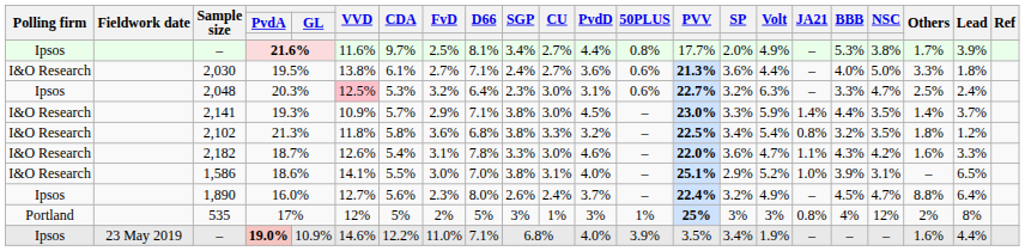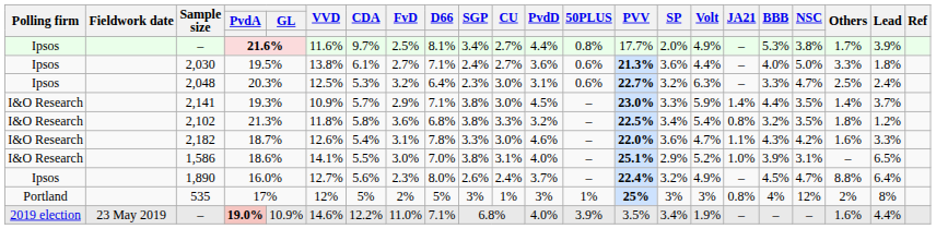 <table class="wikitable sortable mw-datatable" style="text-align:center;font-size:90%;line-height:14px;">
 <tr>
 <th rowspan="3">Polling firm</th>
 <th class="unsortable" rowspan="3">Fieldwork date</th>
 <th class="unsortable" rowspan="3">Sample<br>size</th>
 <th class="unsortable" colspan="2"></th>
 <th rowspan="2"class="unsortable"><a href='#'>VVD</a><br></th>
 <th rowspan="2" class="unsortable"><a href='#'>CDA</a><br></th>
 <th rowspan="2" class="unsortable"><a href='#'>FvD</a><br></th>
 <th rowspan="2" class="unsortable"><a href='#'>D66</a><br></th>
 <th rowspan="2" class="unsortable"><a href='#'>SGP</a><br></th>
 <th rowspan="2" class="unsortable"><a href='#'>CU</a><br></th>
 <th rowspan="2" class="unsortable"><a href='#'>PvdD</a><br></th>
 <th rowspan="2" class="unsortable"><a href='#'><span>50PLUS</span></a><br></th>
 <th rowspan="2" class="unsortable"><a href='#'>PVV</a><br></th>
 <th rowspan="2" class="unsortable"><a href='#'>SP</a><br></th>
 <th rowspan="2" class="unsortable"><a href='#'>Volt</a><br></th>
 <th rowspan="2" class="unsortable"><a href='#'>JA21</a><br></th>
 <th rowspan="2" class="unsortable"><a href='#'>BBB</a><br></th>
 <th rowspan="2" class="unsortable"><a href='#'>NSC</a><br></th>
 <th class="unsortable" rowspan="3">Others</th>
 <th rowspan="3" class="unsortable">Lead</th>
 <th rowspan="3" class="unsortable">Ref</th>
 </tr>
 <tr>
 <th class="unsortable"><a href='#'>PvdA</a><br></th>
 <th class="unsortable"><a href='#'>GL</a><br></th>
 </tr>
 <tr>
 <th data-sort-type="number" style="background:"></th>
 <th data-sort-type="number" style="background:"></th>
 <th data-sort-type="number" style="background:"></th>
 <th data-sort-type="number" style="background:"></th>
 <th data-sort-type="number" style="background:"></th>
 <th data-sort-type="number" style="background:"></th>
 <th data-sort-type="number" style="background:"></th>
 <th data-sort-type="number" style="background:"></th>
 <th data-sort-type="number" style="background:"></th>
 <th data-sort-type="number" style="background:"></th>
 <th data-sort-type="number" style="background:"></th>
 <th data-sort-type="number" style="background:"></th>
 <th data-sort-type="number" style="background:"></th>
 <th data-sort-type="number" style="background:"></th>
 <th data-sort-type="number" style="background:"></th>
 <th data-sort-type="number" style="background:"></th>
 </tr>
 <tr style="background:#EAFFEA;">
 <td>Ipsos</td>
 <td></td>
 <td>–</td>
 <td colspan="2" style="background:#fbdbdc;"><strong>21.6%</strong></td>
 <td>11.6%</td>
 <td>9.7%</td>
 <td>2.5%</td>
 <td>8.1%</td>
 <td>3.4%</td>
 <td>2.7%</td>
 <td>4.4%</td>
 <td>0.8%</td>
 <td>17.7%</td>
 <td>2.0%</td>
 <td>4.9%</td>
 <td>–</td>
 <td>5.3%</td>
 <td>3.8%</td>
 <td>1.7%</td>
 <td style="background:">3.9%</td>
 <td></td>
 </tr>
 <tr>
-<td>I&O Research</td>
+<td>Ipsos</td>
 <td></td>
 <td>2,030</td>
 <td colspan="2">19.5%</td>
 <td>13.8%</td>
 <td>6.1%</td>
 <td>2.7%</td>
 <td>7.1%</td>
 <td>2.4%</td>
 <td>2.7%</td>
 <td>3.6%</td>
 <td>0.6%</td>
 <td style="background:#CDE2FE;"><strong>21.3%</strong></td>
 <td>3.6%</td>
 <td>4.4%</td>
 <td>–</td>
 <td>4.0%</td>
 <td>5.0%</td>
 <td>3.3%</td>
 <td style="background:">1.8%</td>
 <td></td>
 </tr>
 <tr>
 <td>Ipsos</td>
 <td></td>
 <td>2,048</td>
 <td colspan="2">20.3%</td>
-<td style="background: pink;">12.5%</td>
+<td>12.5%</td>
 <td>5.3%</td>
 <td>3.2%</td>
 <td>6.4%</td>
 <td>2.3%</td>
 <td>3.0%</td>
 <td>3.1%</td>
 <td>0.6%</td>
 <td style="background:#CDE2FE;"><strong>22.7%</strong></td>
 <td>3.2%</td>
 <td>6.3%</td>
 <td>–</td>
 <td>3.3%</td>
 <td>4.7%</td>
 <td>2.5%</td>
 <td style="background:">2.4%</td>
 <td></td>
 </tr>
 <tr>
 <td>I&O Research</td>
 <td></td>
 <td>2,141</td>
 <td colspan="2">19.3%</td>
 <td>10.9%</td>
 <td>5.7%</td>
 <td>2.9%</td>
 <td>7.1%</td>
 <td>3.8%</td>
 <td>3.0%</td>
 <td>4.5%</td>
 <td>–</td>
 <td style="background:#CDE2FE;"><strong>23.0%</strong></td>
 <td>3.3%</td>
 <td>5.9%</td>
 <td>1.4%</td>
 <td>4.4%</td>
 <td>3.5%</td>
 <td>1.4%</td>
 <td style="background:">3.7%</td>
 <td></td>
 </tr>
 <tr>
 <td>I&O Research</td>
 <td></td>
 <td>2,102</td>
 <td colspan="2">21.3%</td>
 <td>11.8%</td>
 <td>5.8%</td>
 <td>3.6%</td>
 <td>6.8%</td>
 <td>3.8%</td>
 <td>3.3%</td>
 <td>3.2%</td>
 <td>–</td>
 <td style="background:#CDE2FE;"><strong>22.5%</strong></td>
 <td>3.4%</td>
 <td>5.4%</td>
 <td>0.8%</td>
 <td>3.2%</td>
 <td>3.5%</td>
 <td>1.8%</td>
 <td style="background:">1.2%</td>
 <td></td>
 </tr>
 <tr>
 <td>I&O Research</td>
 <td></td>
 <td>2,182</td>
 <td colspan="2">18.7%</td>
 <td>12.6%</td>
 <td>5.4%</td>
 <td>3.1%</td>
 <td>7.8%</td>
 <td>3.3%</td>
 <td>3.0%</td>
 <td>4.6%</td>
 <td>–</td>
 <td style="background:#CDE2FE;"><strong>22.0%</strong></td>
 <td>3.6%</td>
 <td>4.7%</td>
 <td>1.1%</td>
 <td>4.3%</td>
 <td>4.2%</td>
 <td>1.6%</td>
 <td style="background:">3.3%</td>
 <td></td>
 </tr>
 <tr>
 <td>I&O Research</td>
 <td></td>
 <td>1,586</td>
 <td colspan="2">18.6%</td>
 <td>14.1%</td>
 <td>5.5%</td>
 <td>3.0%</td>
 <td>7.0%</td>
 <td>3.8%</td>
 <td>3.1%</td>
 <td>4.0%</td>
 <td>–</td>
 <td style="background:#CDE2FE;"><strong>25.1%</strong></td>
 <td>2.9%</td>
 <td>5.2%</td>
 <td>1.0%</td>
 <td>3.9%</td>
 <td>3.1%</td>
 <td>–</td>
 <td style="background:">6.5%</td>
 <td></td>
 </tr>
 <tr>
 <td>Ipsos</td>
 <td></td>
 <td>1,890</td>
 <td colspan="2">16.0%</td>
 <td>12.7%</td>
 <td>5.6%</td>
 <td>2.3%</td>
 <td>8.0%</td>
 <td>2.6%</td>
 <td>2.4%</td>
 <td>3.7%</td>
 <td>–</td>
 <td style="background:#CDE2FE;"><strong>22.4%</strong></td>
 <td>3.2%</td>
 <td>4.9%</td>
 <td>–</td>
 <td>4.5%</td>
 <td>4.7%</td>
 <td>8.8%</td>
 <td style="background:">6.4%</td>
 <td></td>
 </tr>
 <tr>
 <td>Portland</td>
 <td></td>
 <td>535</td>
 <td colspan="2">17%</td>
 <td>12%</td>
 <td>5%</td>
 <td>2%</td>
 <td>5%</td>
 <td>3%</td>
 <td>1%</td>
 <td>3%</td>
 <td>1%</td>
 <td style="background:#CDE2FE;"><strong>25%</strong></td>
 <td>3%</td>
 <td>3%</td>
 <td>0.8%</td>
 <td>4%</td>
 <td>12%</td>
 <td>2%</td>
 <td style="background:">8%</td>
 <td></td>
 </tr>
 <tr style="background:#E9E9E9">
-<td>Ipsos</td>
+<td><a href='#'>2019 election</a></td>
 <td>23 May 2019</td>
 <td>–</td>
 <td style="background:#F6C5C1;"><strong>19.0%</strong></td>
 <td>10.9%</td>
 <td>14.6%</td>
 <td>12.2%</td>
 <td>11.0%</td>
 <td>7.1%</td>
 <td colspan=2>6.8%</td>
 <td>4.0%</td>
 <td>3.9%</td>
 <td>3.5%</td>
 <td>3.4%</td>
 <td>1.9%</td>
 <td>–</td>
 <td>–</td>
 <td>–</td>
 <td>1.6%</td>
 <td style="background:">4.4%</td>
 <td></td>
 </tr>
 </table>
